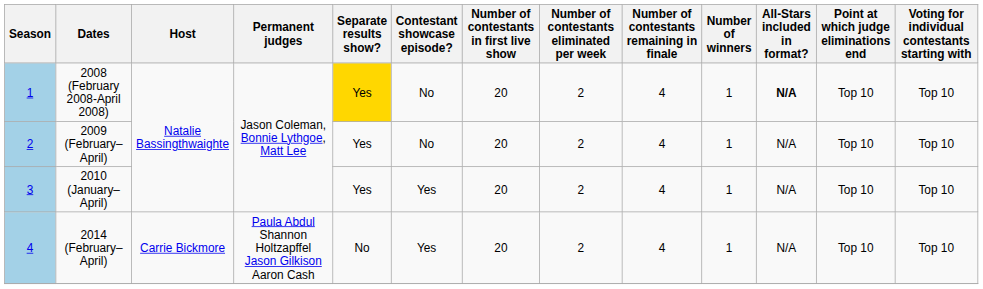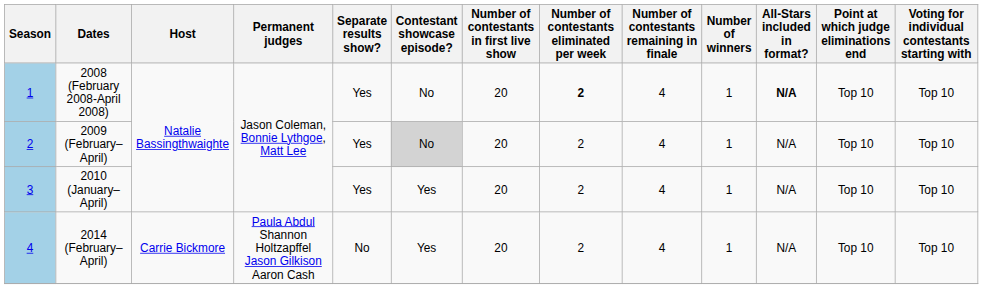 <table class="wikitable border-collapse:collapse;" style="text-align:center; font-size:95%">
 <tr style="background:#ccc;">
 <th scope="col" style="width:75px;">Season</th>
 <th scope="col" style="width:150px;">Dates</th>
 <th scope="col" style="width:140px;">Host</th>
 <th scope="col" style="width:275px;">Permanent judges</th>
 <th scope="col" style="width:80px;">Separate results show?</th>
 <th scope="col" style="width:100px;">Contestant showcase episode?</th>
 <th scope="col" style="width:120px;">Number of contestants in first live show</th>
 <th scope="col" style="width:145px;">Number of contestants eliminated per week</th>
 <th scope="col" style="width:135px;">Number of contestants remaining in finale</th>
 <th scope="col" style="width:80px;">Number of winners</th>
 <th scope="col" style="width:100px;">All-Stars included <br>in format?</th>
 <th scope="col" style="width:110px;">Point at which judge eliminations end</th>
 <th scope="col" style="width:150px;">Voting for individual contestants starting with</th>
 </tr>
 <tr>
 <td style="background:#A3D1E7;"><a href='#'>1</a></td>
 <td>2008 <br> (February 2008-April 2008)</td>
 <td rowspan=3><a href='#'>Natalie Bassingthwaighte</a></td>
 <td rowspan=3>Jason Coleman, <a href='#'>Bonnie Lythgoe</a>, <a href='#'>Matt Lee</a></td>
-<td style="background: gold;">Yes</td>
+<td>Yes</td>
 <td>No</td>
 <td>20</td>
-<td>2</td>
+<td><strong>2</strong></td>
 <td>4</td>
 <td>1</td>
 <td><strong>N/A</strong></td>
 <td>Top 10</td>
 <td>Top 10</td>
 </tr>
 <tr>
 <td style="background:#A3D1E7;"><a href='#'>2</a></td>
 <td>2009 <br> (February–April)</td>
 <td>Yes</td>
-<td>No</td>
+<td style="background: lightgrey;">No</td>
 <td>20</td>
 <td>2</td>
 <td>4</td>
 <td>1</td>
 <td>N/A</td>
 <td>Top 10</td>
 <td>Top 10</td>
 </tr>
 <tr>
 <td style="background:#A3D1E7;"><a href='#'>3</a></td>
 <td>2010 <br> (January–April)</td>
 <td>Yes</td>
 <td>Yes</td>
 <td>20</td>
 <td>2</td>
 <td>4</td>
 <td>1</td>
 <td>N/A</td>
 <td>Top 10</td>
 <td>Top 10</td>
 </tr>
 <tr>
 <td style="background:#A3D1E7;"><a href='#'>4</a></td>
 <td>2014 <br> (February–April)</td>
 <td><a href='#'>Carrie Bickmore</a></td>
 <td><a href='#'>Paula Abdul</a><br>Shannon Holtzapffel<br><a href='#'>Jason Gilkison</a><br>Aaron Cash</td>
 <td>No</td>
 <td>Yes</td>
 <td>20</td>
 <td>2</td>
 <td>4</td>
 <td>1</td>
 <td>N/A</td>
 <td>Top 10</td>
 <td>Top 10</td>
 </tr>
 <tr>
 </tr>
 </table>
